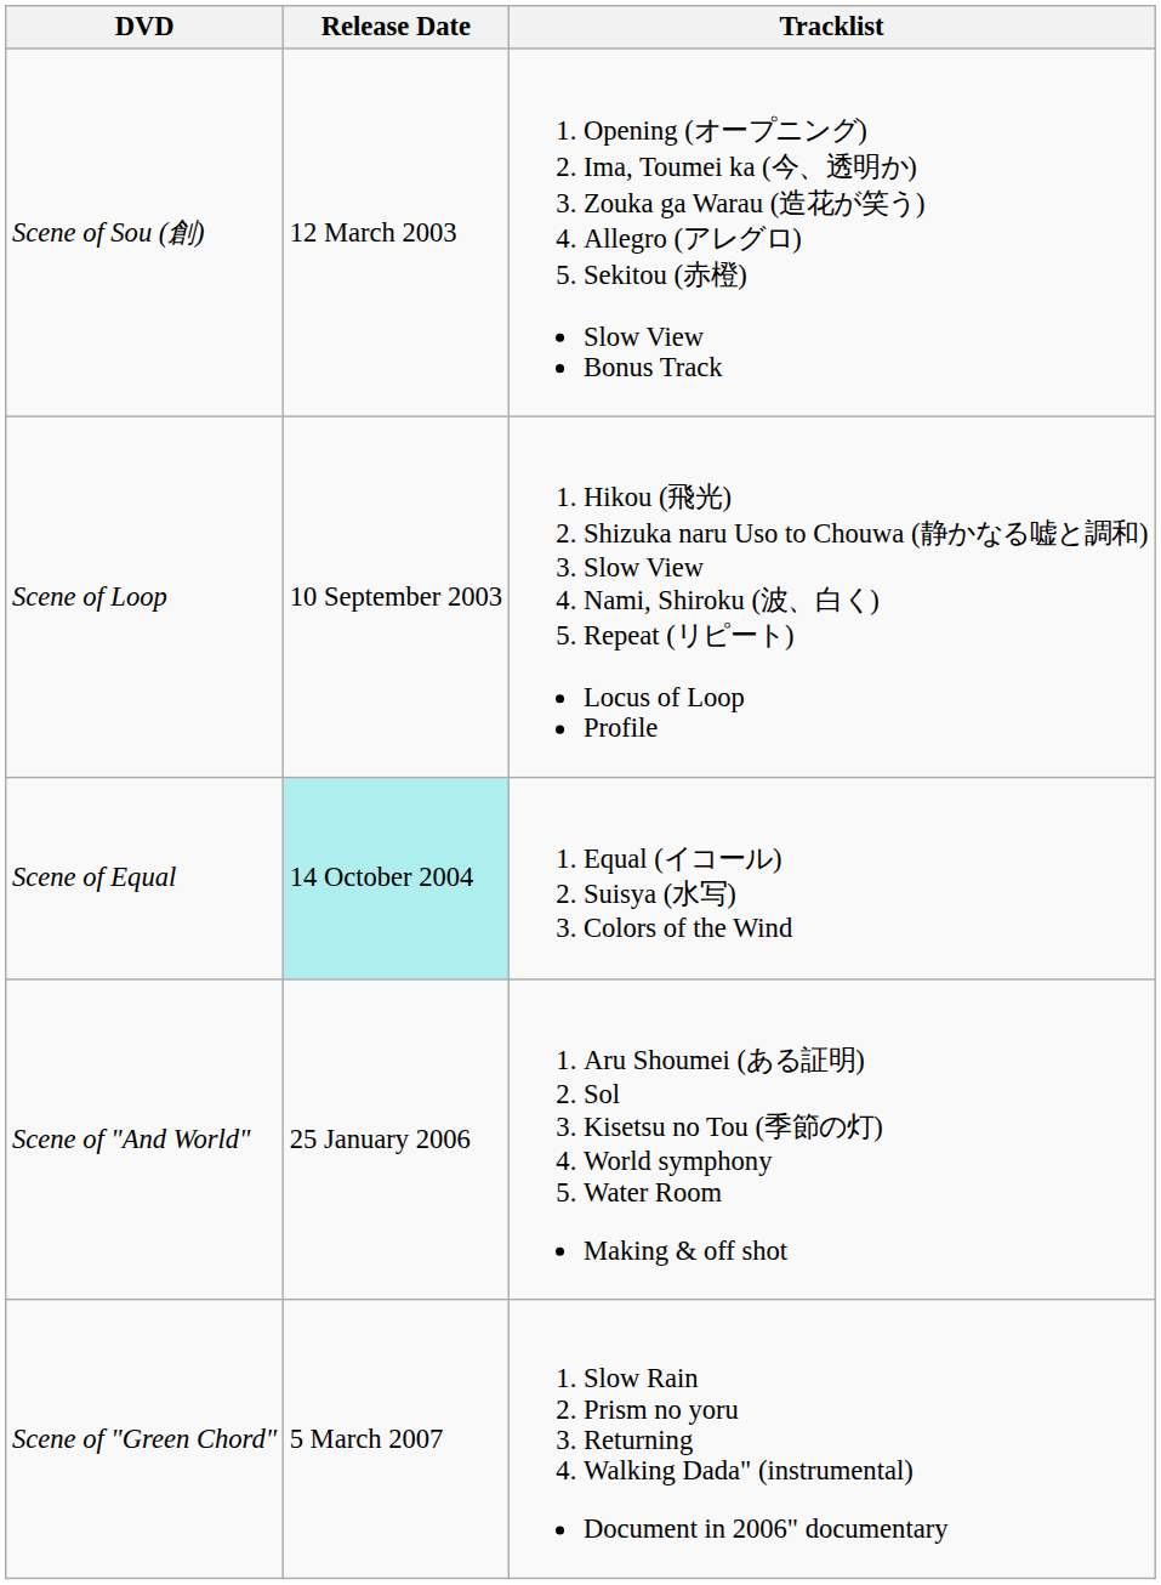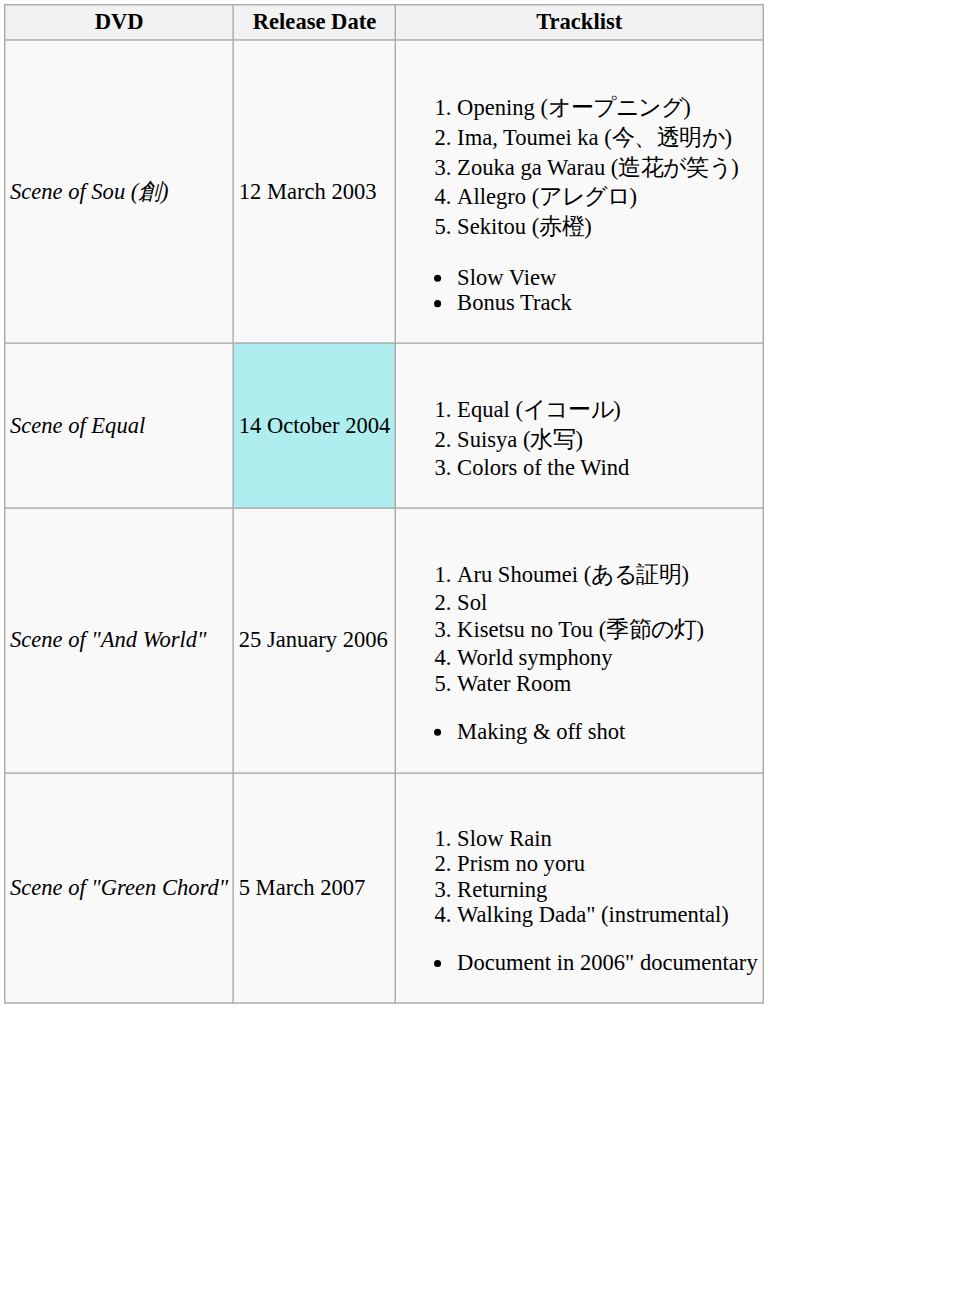 <table class="wikitable">
 <tr>
 <th>DVD</th>
 <th>Release Date</th>
 <th>Tracklist</th>
 </tr>
 <tr>
 <td><em>Scene of Sou (創)</em></td>
 <td>12 March 2003</td>
 <td><br><ol><li>Opening (オープニング)</li><li>Ima, Toumei ka (今、透明か)</li><li>Zouka ga Warau (造花が笑う)</li><li>Allegro (アレグロ)</li><li>Sekitou (赤橙)</li></ol><ul><li>Slow View</li><li>Bonus Track</li></ul></td>
-</tr>
-<tr>
-<td><em>Scene of Loop</em></td>
-<td>10 September 2003</td>
-<td><br><ol><li>Hikou (飛光)</li><li>Shizuka naru Uso to Chouwa (静かなる嘘と調和)</li><li>Slow View</li><li>Nami, Shiroku (波、白く)</li><li>Repeat (リピート)</li></ol><ul><li>Locus of Loop</li><li>Profile</li></ul></td>
 </tr>
 <tr>
 <td><em>Scene of Equal</em></td>
 <td style="background: paleturquoise;">14 October 2004</td>
 <td><br><ol><li>Equal (イコール)</li><li>Suisya (水写)</li><li>Colors of the Wind</li></ol></td>
 </tr>
 <tr>
 <td><em>Scene of "And World"</em></td>
 <td>25 January 2006</td>
 <td><br><ol><li>Aru Shoumei (ある証明)</li><li>Sol</li><li>Kisetsu no Tou (季節の灯)</li><li>World symphony</li><li>Water Room</li></ol><ul><li>Making & off shot</li></ul></td>
 </tr>
 <tr>
 <td><em>Scene of "Green Chord"</em></td>
 <td>5 March 2007</td>
 <td><br><ol><li>Slow Rain</li><li>Prism no yoru</li><li>Returning</li><li>Walking Dada" (instrumental)</li></ol><ul><li>Document in 2006" documentary</li></ul></td>
 </tr>
 </table>
